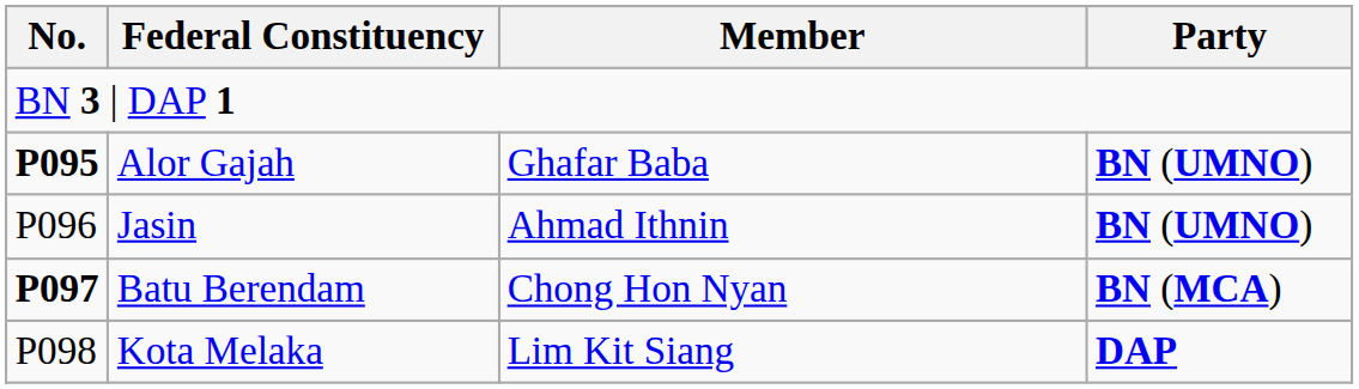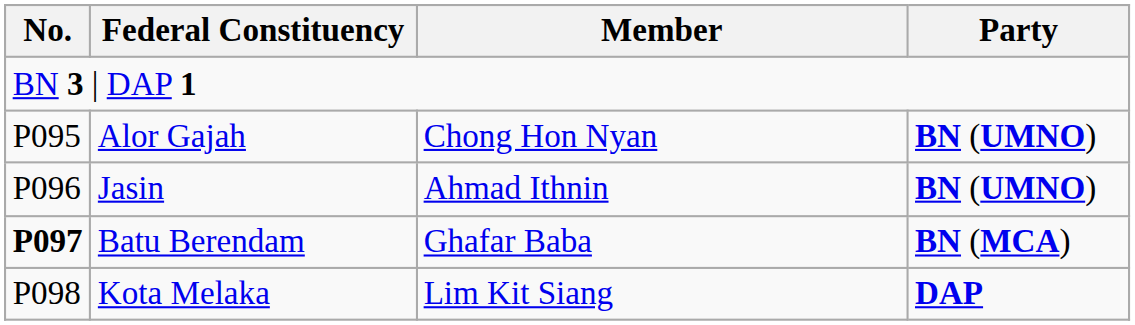 <table class="wikitable sortable">
 <tr>
 <th style="width:30px;">No.</th>
 <th style="width:150px;">Federal Constituency</th>
 <th style="width:230px;">Member</th>
 <th style="width:100px;">Party</th>
 </tr>
 <tr>
 <td colspan="4"><a href='#'>BN</a> <strong>3</strong> | <a href='#'>DAP</a> <strong>1</strong></td>
 </tr>
 <tr>
-<td><strong>P095</strong></td>
+<td>P095</td>
 <td><a href='#'>Alor Gajah</a></td>
-<td><a href='#'>Ghafar Baba</a></td>
+<td><a href='#'>Chong Hon Nyan</a></td>
 <td><strong><a href='#'>BN</a></strong> (<strong><a href='#'>UMNO</a></strong>)</td>
 </tr>
 <tr>
 <td>P096</td>
 <td><a href='#'>Jasin</a></td>
 <td><a href='#'>Ahmad Ithnin</a></td>
 <td><strong><a href='#'>BN</a></strong> (<strong><a href='#'>UMNO</a></strong>)</td>
 </tr>
 <tr>
 <td><strong>P097</strong></td>
 <td><a href='#'>Batu Berendam</a></td>
-<td><a href='#'>Chong Hon Nyan</a></td>
+<td><a href='#'>Ghafar Baba</a></td>
 <td><strong><a href='#'>BN</a></strong> (<strong><a href='#'>MCA</a></strong>)</td>
 </tr>
 <tr>
 <td>P098</td>
 <td><a href='#'>Kota Melaka</a></td>
 <td><a href='#'>Lim Kit Siang</a></td>
 <td><strong><a href='#'>DAP</a></strong></td>
 </tr>
 </table>
